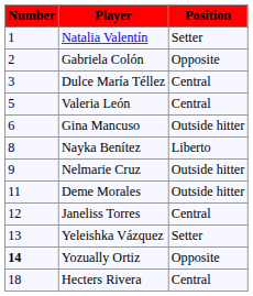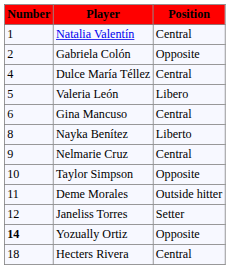 <table bgcolor="#f7f8ff" cellpadding="3" cellspacing="0" border="1" style="font-size: 95%; border: gray solid 1px; border-collapse: collapse;">
 <tr bgcolor="#ff0000">
 <td align=center><strong>Number</strong></td>
 <td align=center><strong>Player</strong></td>
 <td align=center><strong>Position</strong></td>
 </tr>
 <tr align="left">
 <td>1</td>
 <td> <a href='#'>Natalia Valentín</a></td>
-<td>Setter</td>
+<td>Central</td>
 </tr>
 <tr align="left">
 <td>2</td>
 <td> Gabriela Colón</td>
 <td>Opposite</td>
 </tr>
 <tr align="left">
-<td>3</td>
+<td>4</td>
 <td> Dulce María Téllez</td>
 <td>Central</td>
 </tr>
 <tr align="left">
 <td>5</td>
 <td> Valeria León</td>
-<td>Central</td>
+<td>Libero</td>
 </tr>
 <tr align="left">
 <td>6</td>
 <td> Gina Mancuso</td>
-<td>Outside hitter</td>
+<td>Central</td>
 </tr>
 <tr align="left">
 <td>8</td>
 <td> Nayka Benítez</td>
 <td>Liberto</td>
 </tr>
 <tr align="left">
 <td>9</td>
 <td> Nelmarie Cruz</td>
-<td>Outside hitter</td>
+<td>Central</td>
+</tr>
+<tr align="left">
+<td>10</td>
+<td> Taylor Simpson</td>
+<td>Opposite</td>
 </tr>
 <tr align="left">
 <td>11</td>
 <td> Deme Morales</td>
 <td>Outside hitter</td>
 </tr>
 <tr align="left">
 <td>12</td>
 <td> Janeliss Torres</td>
-<td>Central</td>
-</tr>
-<tr align="left">
-<td>13</td>
-<td> Yeleishka Vázquez</td>
 <td>Setter</td>
 </tr>
 <tr>
 <td><strong>14</strong></td>
 <td> Yozually Ortiz</td>
 <td>Opposite</td>
 </tr>
 <tr>
 <td>18</td>
 <td> Hecters Rivera</td>
 <td>Central</td>
 </tr>
 </table>
